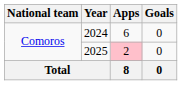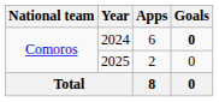 <table class="wikitable" style="text-align:center">
 <tr>
 <th>National team</th>
 <th>Year</th>
 <th>Apps</th>
 <th>Goals</th>
 </tr>
 <tr>
 <td rowspan="2"><a href='#'>Comoros</a></td>
 <td>2024</td>
 <td>6</td>
-<td>0</td>
+<td><strong>0</strong></td>
 </tr>
 <tr>
 <td>2025</td>
-<td style="background: pink;">2</td>
+<td>2</td>
 <td>0</td>
 </tr>
 <tr>
 <th colspan="2">Total</th>
 <th>8</th>
 <th>0</th>
 </tr>
 </table>
